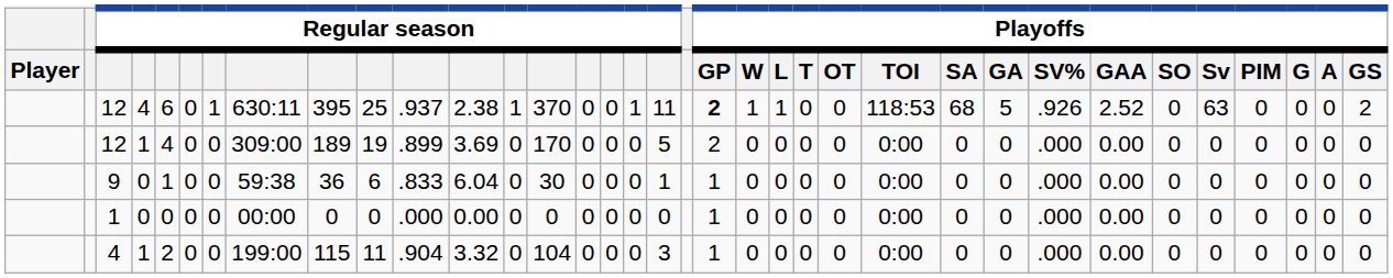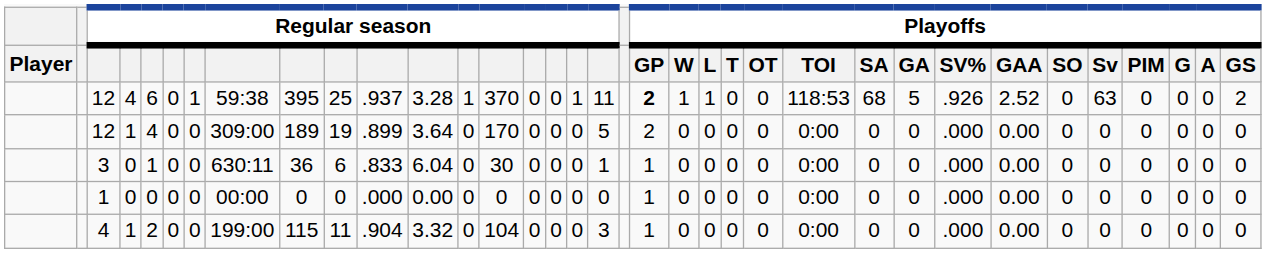 <table class="wikitable" style="text-align:center; width: 60em">
 <tr bgcolor="#fff">
 <th bgcolor="#fff"></th>
 <th bgcolor="#fff"></th>
 <th colspan="16" style="background:#fff; border-top:#1C449C 5px solid; border-bottom:black 5px solid;">Regular season</th>
 <th bgcolor="#fff"></th>
 <th colspan="16" style="background:#fff; border-top:#1C449C 5px solid; border-bottom:black 5px solid;">Playoffs</th>
 </tr>
 <tr>
 <th>Player</th>
 <th></th>
 <th></th>
 <th></th>
 <th></th>
 <th></th>
 <th></th>
 <th></th>
 <th></th>
 <th></th>
 <th></th>
 <th></th>
 <th></th>
 <th></th>
 <th></th>
 <th></th>
 <th></th>
 <th></th>
 <th></th>
 <th>GP</th>
 <th>W</th>
 <th>L</th>
 <th>T</th>
 <th>OT</th>
 <th>TOI</th>
 <th>SA</th>
 <th>GA</th>
 <th>SV%</th>
 <th>GAA</th>
 <th>SO</th>
 <th>Sv</th>
 <th>PIM</th>
 <th>G</th>
 <th>A</th>
 <th>GS</th>
 </tr>
 <tr>
 <td style="text-align:left;"></td>
 <td></td>
 <td>12</td>
 <td>4</td>
 <td>6</td>
 <td>0</td>
 <td>1</td>
-<td>630:11</td>
+<td>59:38</td>
 <td>395</td>
 <td>25</td>
 <td>.937</td>
-<td>2.38</td>
+<td>3.28</td>
 <td>1</td>
 <td>370</td>
 <td>0</td>
 <td>0</td>
 <td>1</td>
 <td>11</td>
 <td></td>
 <td><strong>2</strong></td>
 <td>1</td>
 <td>1</td>
 <td>0</td>
 <td>0</td>
 <td>118:53</td>
 <td>68</td>
 <td>5</td>
 <td>.926</td>
 <td>2.52</td>
 <td>0</td>
 <td>63</td>
 <td>0</td>
 <td>0</td>
 <td>0</td>
 <td>2</td>
 </tr>
 <tr>
 <td style="text-align:left;"></td>
 <td></td>
 <td>12</td>
 <td>1</td>
 <td>4</td>
 <td>0</td>
 <td>0</td>
 <td>309:00</td>
 <td>189</td>
 <td>19</td>
 <td>.899</td>
-<td>3.69</td>
+<td>3.64</td>
 <td>0</td>
 <td>170</td>
 <td>0</td>
 <td>0</td>
 <td>0</td>
 <td>5</td>
 <td></td>
 <td>2</td>
 <td>0</td>
 <td>0</td>
 <td>0</td>
 <td>0</td>
 <td>0:00</td>
 <td>0</td>
 <td>0</td>
 <td>.000</td>
 <td>0.00</td>
 <td>0</td>
 <td>0</td>
 <td>0</td>
 <td>0</td>
 <td>0</td>
 <td>0</td>
 </tr>
 <tr>
 <td style="text-align:left;"></td>
 <td></td>
-<td>9</td>
+<td>3</td>
 <td>0</td>
 <td>1</td>
 <td>0</td>
 <td>0</td>
-<td>59:38</td>
+<td>630:11</td>
 <td>36</td>
 <td>6</td>
 <td>.833</td>
 <td>6.04</td>
 <td>0</td>
 <td>30</td>
 <td>0</td>
 <td>0</td>
 <td>0</td>
 <td>1</td>
 <td></td>
 <td>1</td>
 <td>0</td>
 <td>0</td>
 <td>0</td>
 <td>0</td>
 <td>0:00</td>
 <td>0</td>
 <td>0</td>
 <td>.000</td>
 <td>0.00</td>
 <td>0</td>
 <td>0</td>
 <td>0</td>
 <td>0</td>
 <td>0</td>
 <td>0</td>
 </tr>
 <tr>
 <td style="text-align:left;"></td>
 <td></td>
 <td>1</td>
 <td>0</td>
 <td>0</td>
 <td>0</td>
 <td>0</td>
 <td>00:00</td>
 <td>0</td>
 <td>0</td>
 <td>.000</td>
 <td>0.00</td>
 <td>0</td>
 <td>0</td>
 <td>0</td>
 <td>0</td>
 <td>0</td>
 <td>0</td>
 <td></td>
 <td>1</td>
 <td>0</td>
 <td>0</td>
 <td>0</td>
 <td>0</td>
 <td>0:00</td>
 <td>0</td>
 <td>0</td>
 <td>.000</td>
 <td>0.00</td>
 <td>0</td>
 <td>0</td>
 <td>0</td>
 <td>0</td>
 <td>0</td>
 <td>0</td>
 </tr>
 <tr>
 <td style="text-align:left;"></td>
 <td></td>
 <td>4</td>
 <td>1</td>
 <td>2</td>
 <td>0</td>
 <td>0</td>
 <td>199:00</td>
 <td>115</td>
 <td>11</td>
 <td>.904</td>
 <td>3.32</td>
 <td>0</td>
 <td>104</td>
 <td>0</td>
 <td>0</td>
 <td>0</td>
 <td>3</td>
 <td></td>
 <td>1</td>
 <td>0</td>
 <td>0</td>
 <td>0</td>
 <td>0</td>
 <td>0:00</td>
 <td>0</td>
 <td>0</td>
 <td>.000</td>
 <td>0.00</td>
 <td>0</td>
 <td>0</td>
 <td>0</td>
 <td>0</td>
 <td>0</td>
 <td>0</td>
 </tr>
 </table>
